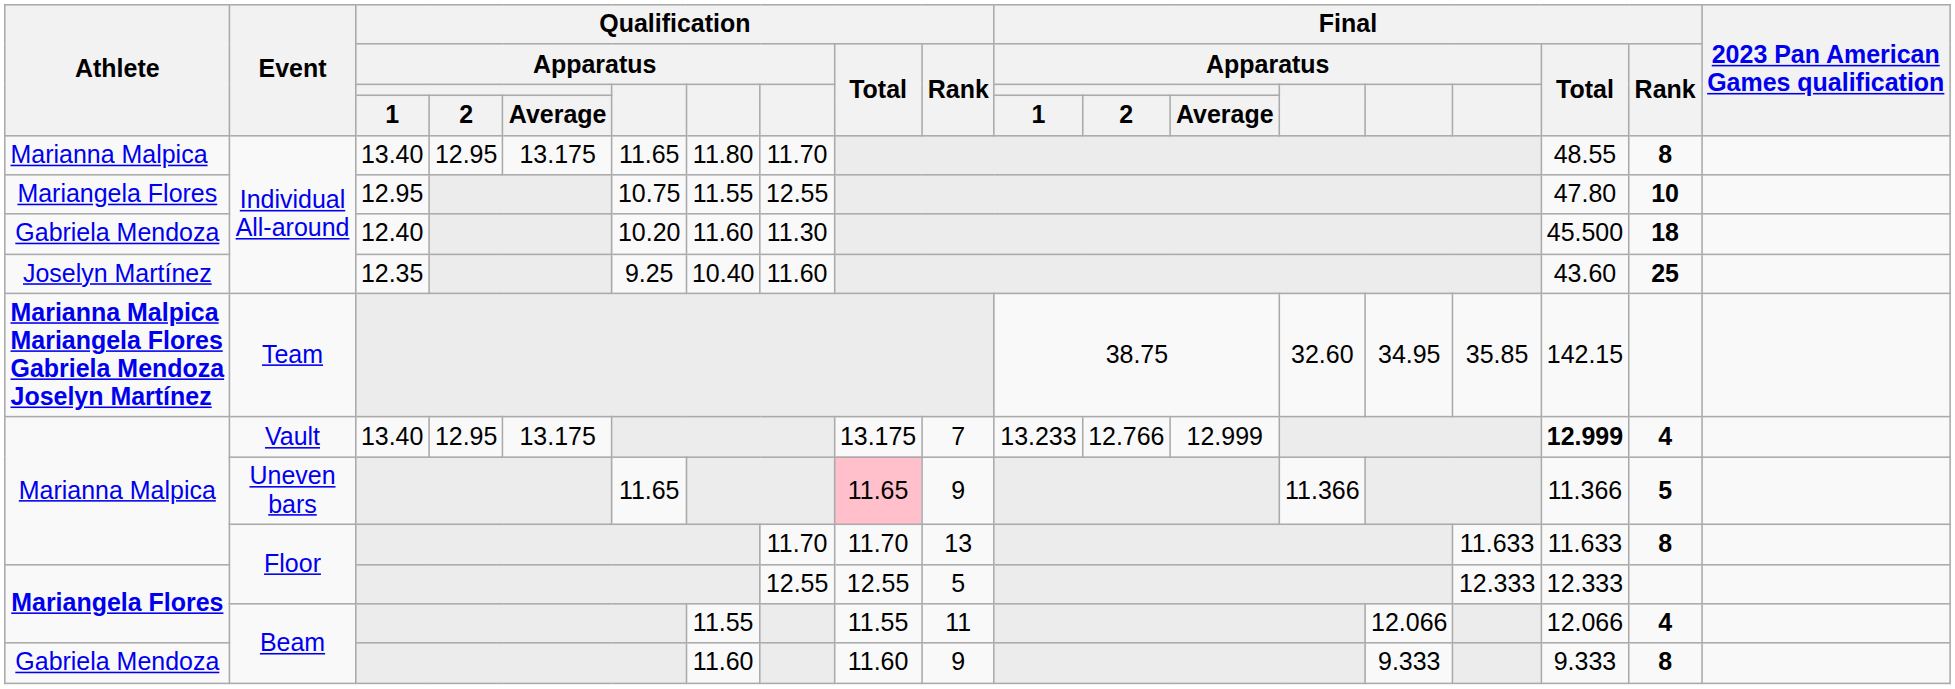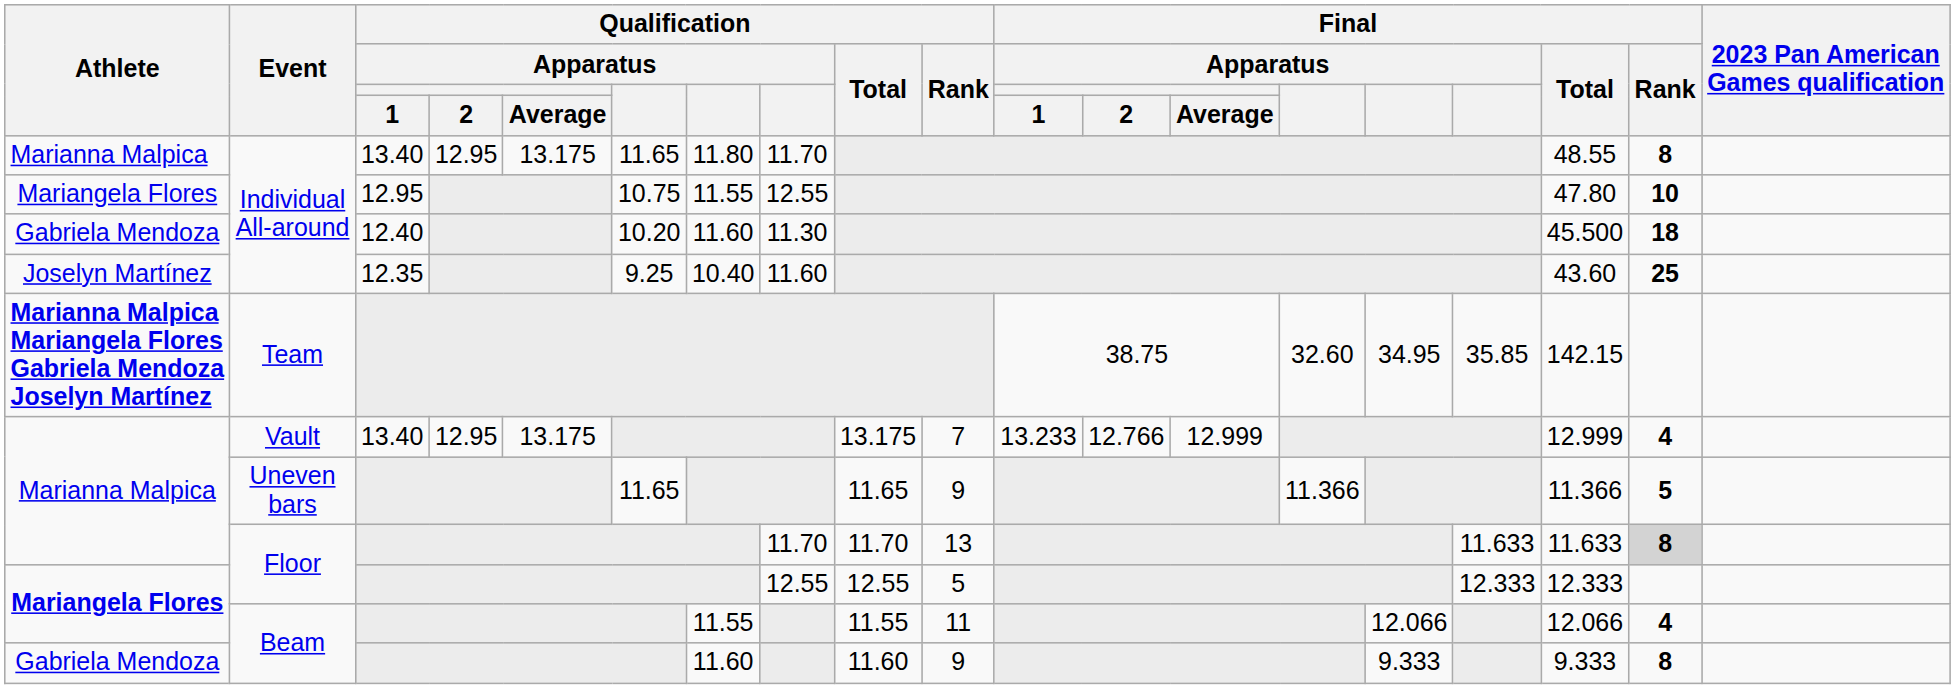 <table class="wikitable">
 <tr>
 <th rowspan="4">Athlete</th>
 <th rowspan="4">Event</th>
 <th colspan="8">Qualification</th>
 <th colspan="8">Final</th>
 <th style="white-space: nowrap;" rowspan="4"><a href='#'>2023 Pan American <br> Games qualification</a></th>
 </tr>
 <tr>
 <th colspan="6">Apparatus</th>
 <th rowspan="3">Total</th>
 <th rowspan="3">Rank</th>
 <th colspan="6">Apparatus</th>
 <th rowspan="3">Total</th>
 <th rowspan="3">Rank</th>
 </tr>
 <tr>
 <th colspan="3"></th>
 <th rowspan="2"></th>
 <th rowspan="2"></th>
 <th rowspan="2"></th>
 <th colspan="3"></th>
 <th rowspan="2"></th>
 <th rowspan="2"></th>
 <th rowspan="2"></th>
 </tr>
 <tr>
 <th>1</th>
 <th>2</th>
 <th>Average</th>
 <th>1</th>
 <th>2</th>
 <th>Average</th>
 </tr>
 <tr align="center">
 <td align="left"><a href='#'>Marianna Malpica</a></td>
 <td rowspan="4"><a href='#'>Individual<br>All-around</a></td>
 <td>13.40</td>
 <td>12.95</td>
 <td>13.175</td>
 <td>11.65</td>
 <td>11.80</td>
 <td>11.70</td>
 <td colspan="8" style="background: #ECECEC; vertical-align: middle; text-align: center; " class="table-cast"></td>
 <td>48.55</td>
 <td><strong>8</strong></td>
 <td></td>
 </tr>
 <tr align="center">
 <td><a href='#'>Mariangela Flores</a></td>
 <td>12.95</td>
 <td colspan="2" style="background: #ECECEC; vertical-align: middle; text-align: center; " class="table-cast"></td>
 <td>10.75</td>
 <td>11.55</td>
 <td>12.55</td>
 <td colspan="8" style="background: #ECECEC; vertical-align: middle; text-align: center; " class="table-cast"></td>
 <td>47.80</td>
 <td><strong>10</strong></td>
 <td></td>
 </tr>
 <tr align="center">
 <td><a href='#'>Gabriela Mendoza</a></td>
 <td>12.40</td>
 <td colspan="2" style="background: #ECECEC; vertical-align: middle; text-align: center; " class="table-cast"></td>
 <td>10.20</td>
 <td>11.60</td>
 <td>11.30</td>
 <td colspan="8" style="background: #ECECEC; vertical-align: middle; text-align: center; " class="table-cast"></td>
 <td>45.500</td>
 <td><strong>18</strong></td>
 <td></td>
 </tr>
 <tr align="center">
 <td><a href='#'>Joselyn Martínez</a></td>
 <td>12.35</td>
 <td colspan="2" style="background: #ECECEC; vertical-align: middle; text-align: center; " class="table-cast"></td>
 <td>9.25</td>
 <td>10.40</td>
 <td>11.60</td>
 <td colspan="8" style="background: #ECECEC; vertical-align: middle; text-align: center; " class="table-cast"></td>
 <td>43.60</td>
 <td><strong>25</strong></td>
 <td></td>
 </tr>
 <tr align="center">
 <td style="white-space: nowrap;" align="left"><strong><a href='#'>Marianna Malpica</a><br><a href='#'>Mariangela Flores</a><br><a href='#'>Gabriela Mendoza</a><br><a href='#'>Joselyn Martínez</a></strong></td>
 <td><a href='#'>Team</a></td>
 <td colspan="8" style="background: #ECECEC; vertical-align: middle; text-align: center; " class="table-cast"></td>
 <td colspan="3">38.75</td>
 <td>32.60</td>
 <td>34.95</td>
 <td>35.85</td>
 <td>142.15</td>
 <td><strong></strong></td>
 <td></td>
 </tr>
 <tr align="center">
 <td rowspan="3"><a href='#'>Marianna Malpica</a></td>
 <td><a href='#'>Vault</a></td>
 <td>13.40</td>
 <td>12.95</td>
 <td>13.175</td>
 <td colspan="3" style="background: #ECECEC; vertical-align: middle; text-align: center; " class="table-cast"></td>
 <td>13.175</td>
 <td>7</td>
 <td>13.233</td>
 <td>12.766</td>
 <td>12.999</td>
 <td colspan="3" style="background: #ECECEC; vertical-align: middle; text-align: center; " class="table-cast"></td>
-<td><strong>12.999</strong></td>
+<td>12.999</td>
 <td><strong>4</strong></td>
 <td></td>
 </tr>
 <tr align="center">
 <td><a href='#'>Uneven bars</a></td>
 <td colspan="3" style="background: #ECECEC; vertical-align: middle; text-align: center; " class="table-cast"></td>
 <td>11.65</td>
 <td colspan="2" style="background: #ECECEC; vertical-align: middle; text-align: center; " class="table-cast"></td>
-<td style="background: pink;">11.65</td>
+<td>11.65</td>
 <td>9</td>
 <td colspan="3" style="background: #ECECEC; vertical-align: middle; text-align: center; " class="table-cast"></td>
 <td>11.366</td>
 <td colspan="2" style="background: #ECECEC; vertical-align: middle; text-align: center; " class="table-cast"></td>
 <td>11.366</td>
 <td><strong>5</strong></td>
 <td></td>
 </tr>
 <tr align="center">
 <td rowspan="2"><a href='#'>Floor</a></td>
 <td colspan="5" style="background: #ECECEC; vertical-align: middle; text-align: center; " class="table-cast"></td>
 <td>11.70</td>
 <td>11.70</td>
 <td>13</td>
 <td colspan="5" style="background: #ECECEC; vertical-align: middle; text-align: center; " class="table-cast"></td>
 <td>11.633</td>
 <td>11.633</td>
-<td><strong>8</strong></td>
+<td style="background: lightgrey;"><strong>8</strong></td>
 <td></td>
 </tr>
 <tr align="center">
 <td rowspan="2"><strong><a href='#'>Mariangela Flores</a></strong></td>
 <td colspan="5" style="background: #ECECEC; vertical-align: middle; text-align: center; " class="table-cast"></td>
 <td>12.55</td>
 <td>12.55</td>
 <td>5</td>
 <td colspan="5" style="background: #ECECEC; vertical-align: middle; text-align: center; " class="table-cast"></td>
 <td>12.333</td>
 <td>12.333</td>
 <td><strong></strong></td>
 <td></td>
 </tr>
 <tr align="center">
 <td rowspan="2"><a href='#'>Beam</a></td>
 <td colspan="4" style="background: #ECECEC; vertical-align: middle; text-align: center; " class="table-cast"></td>
 <td>11.55</td>
 <td style="background: #ECECEC; vertical-align: middle; text-align: center; " class="table-cast"></td>
 <td>11.55</td>
 <td>11</td>
 <td colspan="4" style="background: #ECECEC; vertical-align: middle; text-align: center; " class="table-cast"></td>
 <td>12.066</td>
 <td style="background: #ECECEC; vertical-align: middle; text-align: center; " class="table-cast"></td>
 <td>12.066</td>
 <td><strong>4</strong></td>
 <td></td>
 </tr>
 <tr align="center">
 <td><a href='#'>Gabriela Mendoza</a></td>
 <td colspan="4" style="background: #ECECEC; vertical-align: middle; text-align: center; " class="table-cast"></td>
 <td>11.60</td>
 <td style="background: #ECECEC; vertical-align: middle; text-align: center; " class="table-cast"></td>
 <td>11.60</td>
 <td>9</td>
 <td colspan="4" style="background: #ECECEC; vertical-align: middle; text-align: center; " class="table-cast"></td>
 <td>9.333</td>
 <td style="background: #ECECEC; vertical-align: middle; text-align: center; " class="table-cast"></td>
 <td>9.333</td>
 <td><strong>8</strong></td>
 <td></td>
 </tr>
 </table>
